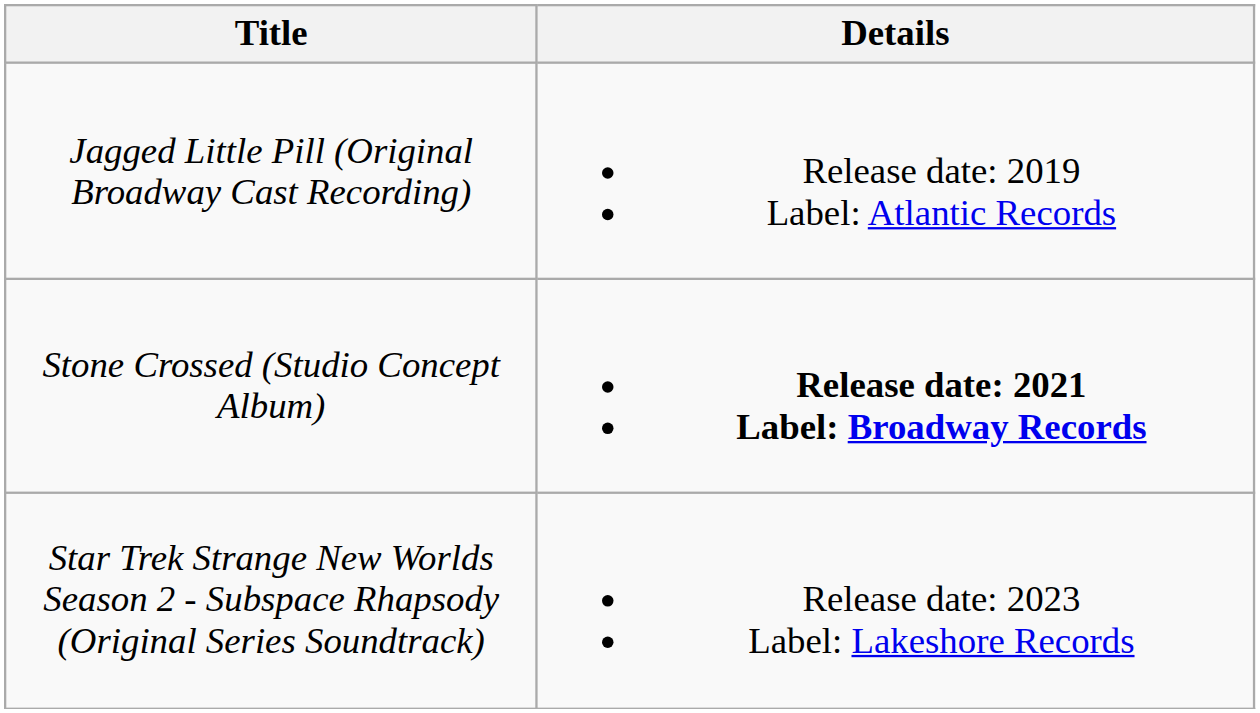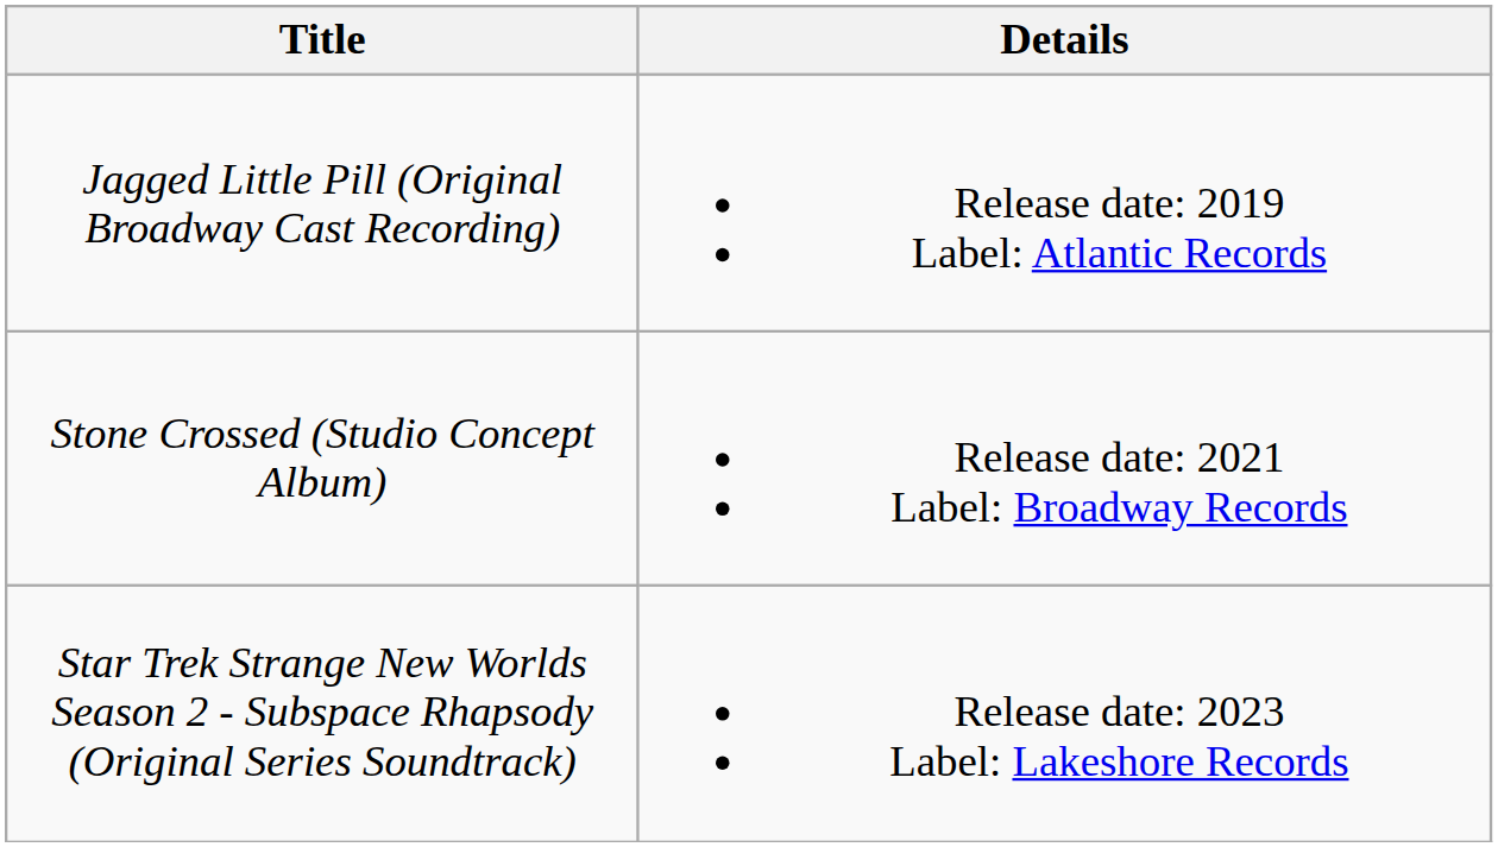 <table class="wikitable plainrowheaders" style="text-align:center;">
 <tr>
 <th rowspan="1"style="width:14em;">Title</th>
 <th rowspan="1" style="width:19em;">Details</th>
 </tr>
 <tr>
 <td scope="row"><em>Jagged Little Pill (Original Broadway Cast Recording)</em></td>
 <td><br><ul><li>Release date: 2019</li><li>Label: <a href='#'>Atlantic Records</a></li></ul></td>
 </tr>
 <tr>
 <td scope="row"><em>Stone Crossed (Studio Concept Album)</em></td>
-<td><strong><br><ul><li>Release date: 2021</li><li>Label: <a href='#'>Broadway Records</a></li></ul></strong></td>
+<td><br><ul><li>Release date: 2021</li><li>Label: <a href='#'>Broadway Records</a></li></ul></td>
 </tr>
 <tr>
 <td scope="row"><em>Star Trek Strange New Worlds Season 2 - Subspace Rhapsody (Original Series Soundtrack)</em></td>
 <td><br><ul><li>Release date: 2023</li><li>Label: <a href='#'>Lakeshore Records</a></li></ul></td>
 </tr>
 <tr>
 </tr>
 </table>
